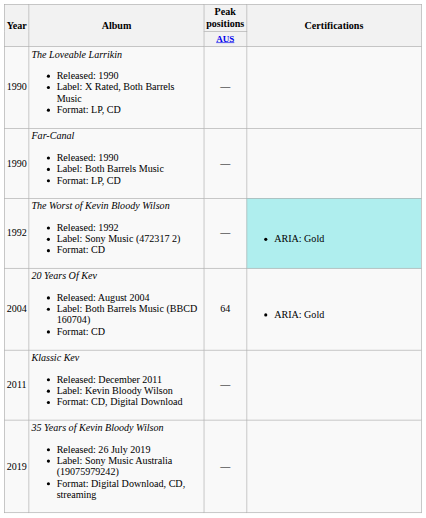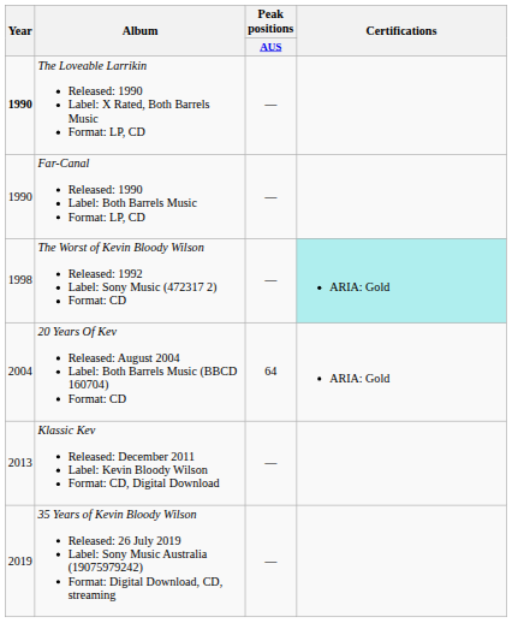 <table class="wikitable">
 <tr>
 <th align="center" rowspan="2" width="10">Year</th>
 <th align="center" rowspan="2" width="270">Album</th>
 <th align="center" colspan="1" width="20">Peak positions</th>
 <th align="center" rowspan="2" width="270">Certifications</th>
 </tr>
 <tr>
 <th scope="col" style="width:3em;font-size:90%;"><a href='#'>AUS</a><br></th>
 </tr>
 <tr>
-<td style="text-align:center;">1990</td>
+<td style="text-align:center;"><strong>1990</strong></td>
 <td><em>The Loveable Larrikin</em><br><ul><li>Released: 1990</li><li>Label: X Rated, Both Barrels Music</li><li>Format: LP, CD</li></ul></td>
 <td style="text-align:center;">—</td>
 <td></td>
 </tr>
 <tr>
 <td style="text-align:center;">1990</td>
 <td><em>Far-Canal</em><br><ul><li>Released: 1990</li><li>Label: Both Barrels Music</li><li>Format: LP, CD</li></ul></td>
 <td style="text-align:center;">—</td>
 <td></td>
 </tr>
 <tr>
-<td style="text-align:center;">1992</td>
+<td style="text-align:center;">1998</td>
 <td><em>The Worst of Kevin Bloody Wilson</em><br><ul><li>Released: 1992</li><li>Label: Sony Music (472317 2)</li><li>Format: CD</li></ul></td>
 <td style="text-align:center;">—</td>
 <td style="background: paleturquoise;"><br><ul><li>ARIA: Gold</li></ul></td>
 </tr>
 <tr>
 <td style="text-align:center;">2004</td>
 <td><em>20 Years Of Kev</em><br><ul><li>Released: August 2004</li><li>Label: Both Barrels Music  (BBCD 160704)</li><li>Format: CD</li></ul></td>
 <td style="text-align:center;">64</td>
 <td><br><ul><li>ARIA: Gold</li></ul></td>
 </tr>
 <tr>
-<td style="text-align:center;">2011</td>
+<td style="text-align:center;">2013</td>
 <td><em>Klassic Kev</em><br><ul><li>Released: December 2011</li><li>Label: Kevin Bloody Wilson</li><li>Format: CD, Digital Download</li></ul></td>
 <td style="text-align:center;">—</td>
 <td></td>
 </tr>
 <tr>
 <td style="text-align:center;">2019</td>
 <td><em>35 Years of Kevin Bloody Wilson</em><br><ul><li>Released: 26 July 2019</li><li>Label: Sony Music Australia (19075979242)</li><li>Format: Digital Download, CD, streaming</li></ul></td>
 <td style="text-align:center;">—</td>
 <td></td>
 </tr>
 </table>
